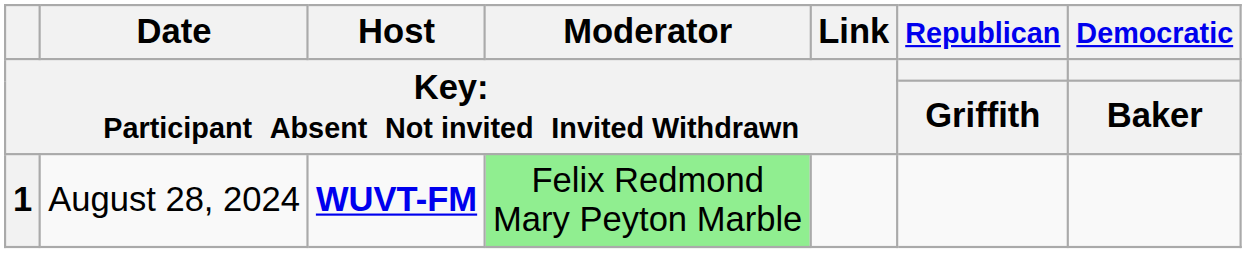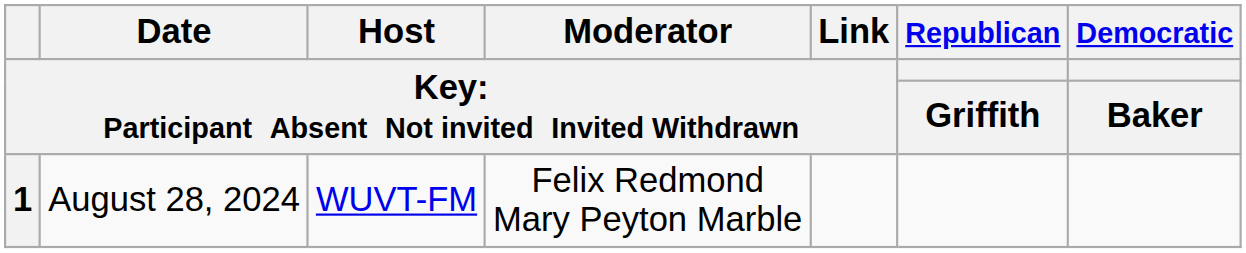 <table class="wikitable" style="text-align:center;">
 <tr>
 <th scope="col"></th>
 <th scope="col">Date</th>
 <th scope="col">Host</th>
 <th scope="col">Moderator</th>
 <th scope="col">Link</th>
 <th scope="col"><small><a href='#'>Republican</a></small></th>
 <th scope="col"><small><a href='#'>Democratic</a></small></th>
 </tr>
 <tr>
 <th colspan="5" rowspan="2">Key:<br> <small>Participant </small>  <small>Absent </small>  <small>Not invited </small>  <small>Invited  Withdrawn</small></th>
 <th scope="col" style="background:"></th>
 <th scope="col" style="background:"></th>
 </tr>
 <tr>
 <th scope="col">Griffith</th>
 <th scope="col">Baker</th>
 </tr>
 <tr>
 <th>1</th>
 <td style="white-space:nowrap;">August 28, 2024</td>
-<td style="white-space:nowrap;"><strong><a href='#'>WUVT-FM</a></strong></td>
-<td style="background: lightgreen; white-space:nowrap;">Felix Redmond<br>Mary Peyton Marble</td>
+<td style="white-space:nowrap;"><a href='#'>WUVT-FM</a></td>
+<td style="white-space:nowrap;">Felix Redmond<br>Mary Peyton Marble</td>
 <td style="white-space:nowrap;"></td>
 <td></td>
 <td></td>
 </tr>
 </table>
